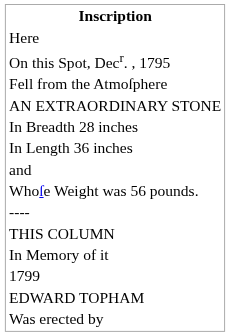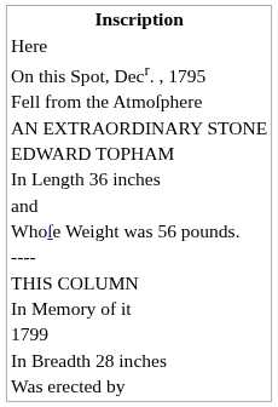 <table style="border: 1px solid darkgray;" align="right" style="text-align:center;">
 <tr>
 <th>Inscription</th>
 </tr>
 <tr>
 <td>Here</td>
 </tr>
 <tr>
 <td>On this Spot, Dec<sup>r</sup>. , 1795</td>
 </tr>
 <tr>
 <td>Fell from the Atmoſphere</td>
 </tr>
 <tr>
 <td>AN EXTRAORDINARY STONE</td>
 </tr>
 <tr>
-<td>In Breadth 28 inches</td>
+<td>EDWARD TOPHAM</td>
 </tr>
 <tr>
 <td>In Length 36 inches</td>
 </tr>
 <tr>
 <td>and</td>
 </tr>
 <tr>
 <td>Who<a href='#'>ſ</a>e Weight was 56 pounds.</td>
 </tr>
 <tr>
 <td>----</td>
 </tr>
 <tr>
 <td>THIS COLUMN</td>
 </tr>
 <tr>
 <td>In Memory of it</td>
 </tr>
 <tr>
 <td>1799</td>
 </tr>
 <tr>
-<td>EDWARD TOPHAM</td>
+<td>In Breadth 28 inches</td>
 </tr>
 <tr>
 <td>Was erected by</td>
 </tr>
 </table>
